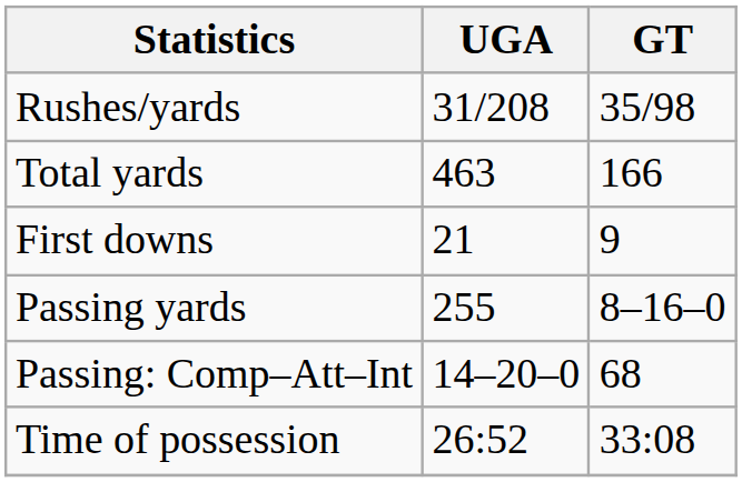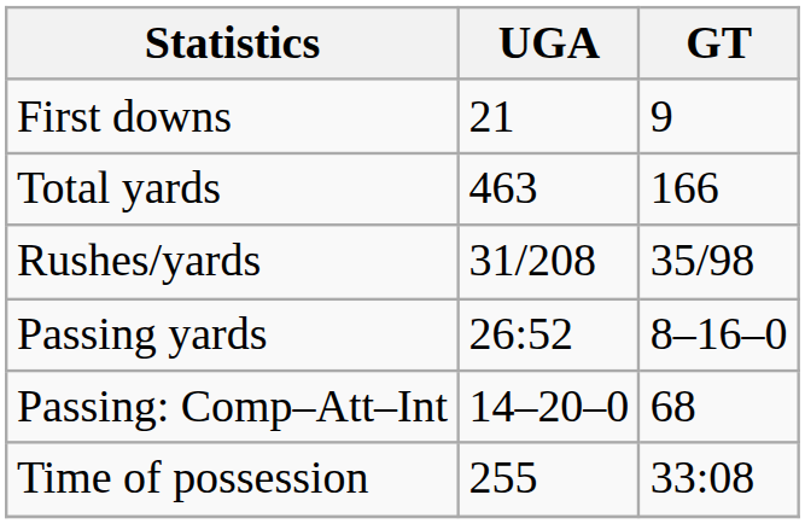 <table class="wikitable" style="float: left;">
 <tr>
 <th>Statistics</th>
 <th>UGA</th>
 <th>GT</th>
 </tr>
 <tr>
-<td>Rushes/yards</td>
-<td>31/208</td>
-<td>35/98</td>
+<td>First downs</td>
+<td>21</td>
+<td>9</td>
 </tr>
 <tr>
 <td>Total yards</td>
 <td>463</td>
 <td>166</td>
 </tr>
 <tr>
-<td>First downs</td>
-<td>21</td>
-<td>9</td>
+<td>Rushes/yards</td>
+<td>31/208</td>
+<td>35/98</td>
 </tr>
 <tr>
 <td>Passing yards</td>
-<td>255</td>
+<td>26:52</td>
 <td>8–16–0</td>
 </tr>
 <tr>
 <td>Passing: Comp–Att–Int</td>
 <td>14–20–0</td>
 <td>68</td>
 </tr>
 <tr>
 <td>Time of possession</td>
-<td>26:52</td>
+<td>255</td>
 <td>33:08</td>
 </tr>
 <tr>
 </tr>
 </table>
